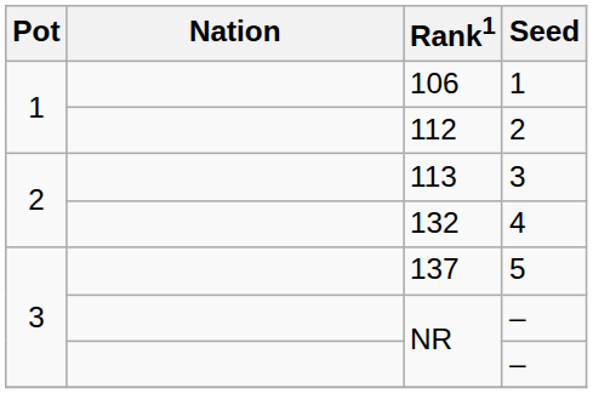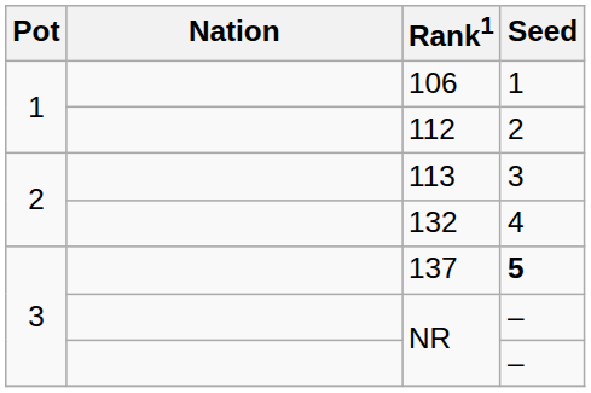 <table class="wikitable">
 <tr>
 <th>Pot</th>
 <th width="175">Nation</th>
 <th>Rank<sup>1</sup></th>
 <th>Seed</th>
 </tr>
 <tr>
 <td rowspan=2 style="text-align:center;">1</td>
 <td></td>
 <td>106</td>
 <td>1</td>
 </tr>
 <tr>
 <td></td>
 <td>112</td>
 <td>2</td>
 </tr>
 <tr>
 <td rowspan=2 style="text-align:center;">2</td>
 <td></td>
 <td>113</td>
 <td>3</td>
 </tr>
 <tr>
 <td></td>
 <td>132</td>
 <td>4</td>
 </tr>
 <tr>
 <td rowspan=3 style="text-align:center;">3</td>
 <td></td>
 <td>137</td>
-<td>5</td>
+<td><strong>5</strong></td>
 </tr>
 <tr>
 <td></td>
 <td rowspan=2>NR</td>
 <td>–</td>
 </tr>
 <tr>
 <td></td>
 <td>–</td>
 </tr>
 <tr>
 </tr>
 </table>
